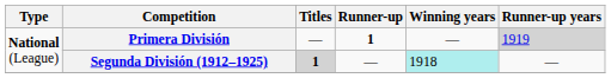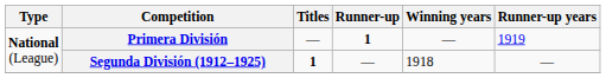 <table class="wikitable plainrowheaders" style="font-size:95%; text-align:center;">
 <tr>
 <th>Type</th>
 <th width=250px>Competition</th>
 <th>Titles</th>
 <th>Runner-up</th>
 <th>Winning years</th>
 <th>Runner-up years</th>
 </tr>
 <tr>
 <td rowspan=2><strong>National</strong><br>(League)</td>
 <th scope=col><a href='#'>Primera División</a></th>
 <td style="text-align:center;">—</td>
 <td><strong>1</strong></td>
 <td style="text-align:center;">—</td>
-<td align="left" style="background: lightgrey;"><a href='#'>1919</a></td>
+<td align="left"><a href='#'>1919</a></td>
 </tr>
 <tr>
 <th scope=col><a href='#'>Segunda División (1912–1925)</a></th>
-<td style="background: lightgrey;"><strong>1</strong></td>
+<td><strong>1</strong></td>
 <td style="text-align:center;">—</td>
-<td align="left" style="background: paleturquoise;">1918</td>
+<td align="left">1918</td>
 <td style="text-align:center;">—</td>
 </tr>
 <tr>
 </tr>
 </table>
